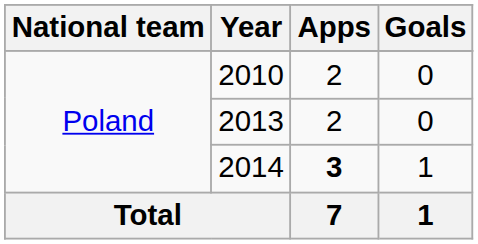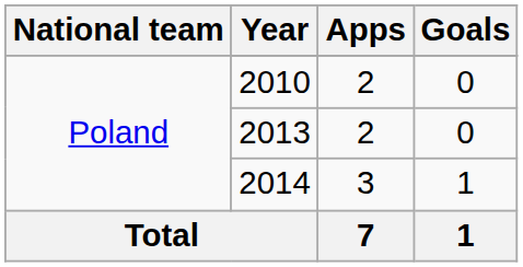 <table class="wikitable" style="text-align:center">
 <tr>
 <th>National team</th>
 <th>Year</th>
 <th>Apps</th>
 <th>Goals</th>
 </tr>
 <tr>
 <td rowspan=4><a href='#'>Poland</a></td>
 </tr>
 <tr>
 <td>2010</td>
 <td>2</td>
 <td>0</td>
 </tr>
 <tr>
 <td>2013</td>
 <td>2</td>
 <td>0</td>
 </tr>
 <tr>
 <td>2014</td>
-<td><strong>3</strong></td>
+<td>3</td>
 <td>1</td>
 </tr>
 <tr>
 <th colspan="2">Total</th>
 <th>7</th>
 <th>1</th>
 </tr>
 </table>
